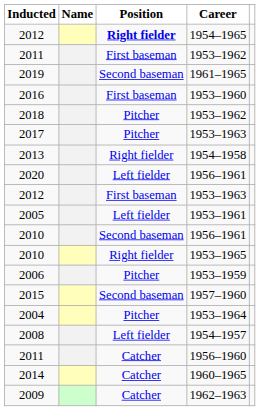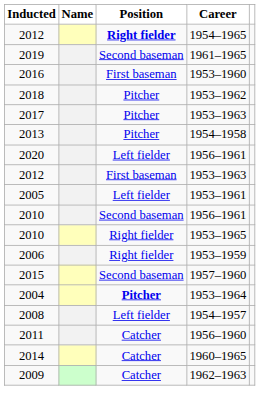 <table class="wikitable sortable plainrowheaders" style="text-align:center">
 <tr>
 <th scope="col" style="background-color:#ffffff; border-top:#">Inducted</th>
 <th scope="col" style="background-color:#ffffff; border-top:#">Name</th>
 <th scope="col" style="background-color:#ffffff; border-top:#">Position</th>
 <th scope="col" style="background-color:#ffffff; border-top:#">Career</th>
 <th scope="col" class="unsortable" style="background-color:#ffffff; border-top:#"></th>
 </tr>
 <tr>
 <td>2012</td>
 <th scope="row" style="text-align:center; background:#FFFFBB"></th>
 <td><strong><a href='#'>Right fielder</a></strong></td>
 <td>1954–1965</td>
-<td></td>
-</tr>
-<tr>
-<td>2011</td>
-<th scope="row" style="text-align:center"></th>
-<td><a href='#'>First baseman</a></td>
-<td>1953–1962</td>
 <td></td>
 </tr>
 <tr>
 <td>2019</td>
 <th scope="row" style="text-align:center"></th>
 <td><a href='#'>Second baseman</a></td>
 <td>1961–1965</td>
 <td></td>
 </tr>
 <tr>
 <td>2016</td>
 <th scope="row" style="text-align:center"></th>
 <td><a href='#'>First baseman</a></td>
 <td>1953–1960</td>
 <td></td>
 </tr>
 <tr>
 <td>2018</td>
 <th scope="row" style="text-align:center"></th>
 <td><a href='#'>Pitcher</a></td>
 <td>1953–1962</td>
 <td></td>
 </tr>
 <tr>
 <td>2017</td>
 <th scope="row" style="text-align:center"></th>
 <td><a href='#'>Pitcher</a></td>
 <td>1953–1963</td>
 <td></td>
 </tr>
 <tr>
 <td>2013</td>
 <th scope="row" style="text-align:center"></th>
-<td><a href='#'>Right fielder</a></td>
+<td><a href='#'>Pitcher</a></td>
 <td>1954–1958</td>
 <td></td>
 </tr>
 <tr>
 <td>2020</td>
 <th scope="row" style="text-align:center"></th>
 <td><a href='#'>Left fielder</a></td>
 <td>1956–1961</td>
 <td></td>
 </tr>
 <tr>
 <td>2012</td>
 <th scope="row" style="text-align:center"></th>
 <td><a href='#'>First baseman</a></td>
 <td>1953–1963</td>
 <td></td>
 </tr>
 <tr>
 <td>2005</td>
 <th scope="row" style="text-align:center"></th>
 <td><a href='#'>Left fielder</a></td>
 <td>1953–1961</td>
 <td></td>
 </tr>
 <tr>
 <td>2010</td>
 <th scope="row" style="text-align:center"></th>
 <td><a href='#'>Second baseman</a></td>
 <td>1956–1961</td>
 <td></td>
 </tr>
 <tr>
 <td>2010</td>
 <th scope="row" style="text-align:center; background:#FFFFBB"></th>
 <td><a href='#'>Right fielder</a></td>
 <td>1953–1965</td>
 <td></td>
 </tr>
 <tr>
 <td>2006</td>
 <th scope="row" style="text-align:center"></th>
-<td><a href='#'>Pitcher</a></td>
+<td><a href='#'>Right fielder</a></td>
 <td>1953–1959</td>
 <td></td>
 </tr>
 <tr>
 <td>2015</td>
 <th scope="row" style="text-align:center; background:#FFFFBB"></th>
 <td><a href='#'>Second baseman</a></td>
 <td>1957–1960</td>
 <td></td>
 </tr>
 <tr>
 <td>2004</td>
 <th scope="row" style="text-align:center; background:#FFFFBB"></th>
-<td><a href='#'>Pitcher</a></td>
+<td><strong><a href='#'>Pitcher</a></strong></td>
 <td>1953–1964</td>
 <td></td>
 </tr>
 <tr>
 <td>2008</td>
 <th scope="row" style="text-align:center"></th>
 <td><a href='#'>Left fielder</a></td>
 <td>1954–1957</td>
 <td></td>
 </tr>
 <tr>
 <td>2011</td>
 <th scope="row" style="text-align:center"></th>
 <td><a href='#'>Catcher</a></td>
 <td>1956–1960</td>
 <td></td>
 </tr>
 <tr>
 <td>2014</td>
 <th scope="row" style="text-align:center; background:#FFFFBB"></th>
 <td><a href='#'>Catcher</a></td>
 <td>1960–1965</td>
 <td></td>
 </tr>
 <tr>
 <td>2009</td>
 <th scope="row" style="text-align:center; background:#cfc;"></th>
 <td><a href='#'>Catcher</a></td>
 <td>1962–1963</td>
 <td></td>
 </tr>
 </table>
